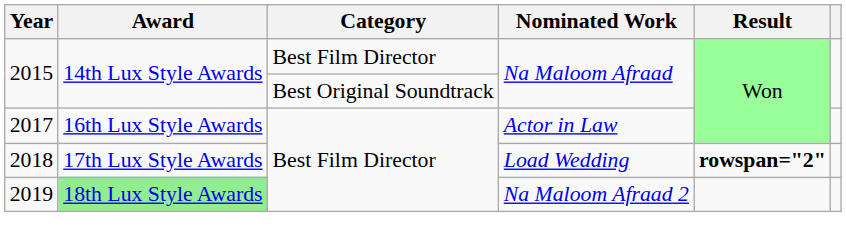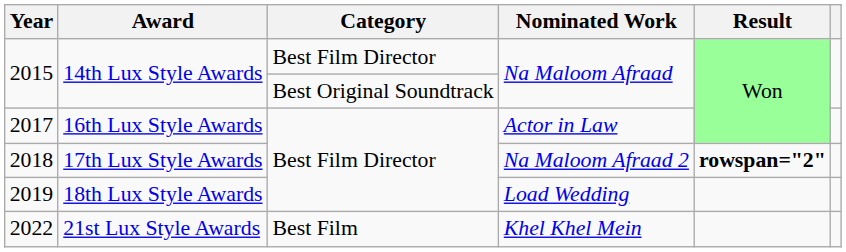 <table class="wikitable">
 <tr>
 <th>Year</th>
 <th>Award</th>
 <th>Category</th>
 <th>Nominated Work</th>
 <th>Result</th>
 <th></th>
 </tr>
 <tr>
 <td rowspan="2">2015</td>
 <td rowspan="2"><a href='#'>14th Lux Style Awards</a></td>
 <td>Best Film Director</td>
 <td rowspan="2"><em><a href='#'>Na Maloom Afraad</a></em></td>
 <td rowspan="3" style="background: #99FF99; color: black; vertical-align: middle; text-align: center; " class="yes table-yes2">Won</td>
 <td rowspan="2" style="text-align:center;"></td>
 </tr>
 <tr>
 <td>Best Original Soundtrack</td>
 </tr>
 <tr>
 <td>2017</td>
 <td><a href='#'>16th Lux Style Awards</a></td>
 <td rowspan="3">Best Film Director</td>
 <td><em><a href='#'>Actor in Law</a></em></td>
 <td></td>
 </tr>
 <tr>
 <td>2018</td>
 <td><a href='#'>17th Lux Style Awards</a></td>
-<td><em><a href='#'>Load Wedding</a></em></td>
+<td><em><a href='#'>Na Maloom Afraad 2</a></em></td>
 <td><strong>rowspan="2" </strong></td>
 <td></td>
 </tr>
 <tr>
 <td>2019</td>
-<td style="background: lightgreen;"><a href='#'>18th Lux Style Awards</a></td>
-<td><em><a href='#'>Na Maloom Afraad 2</a></em></td>
+<td><a href='#'>18th Lux Style Awards</a></td>
+<td><em><a href='#'>Load Wedding</a></em></td>
+<td></td>
+</tr>
+<tr>
+<td>2022</td>
+<td><a href='#'>21st Lux Style Awards</a></td>
+<td>Best Film</td>
+<td><em><a href='#'>Khel Khel Mein</a></em></td>
+<td></td>
 <td></td>
 </tr>
 </table>
